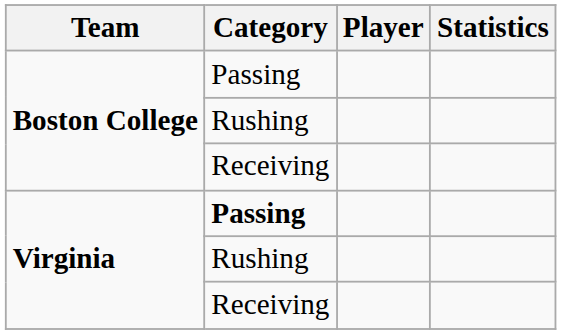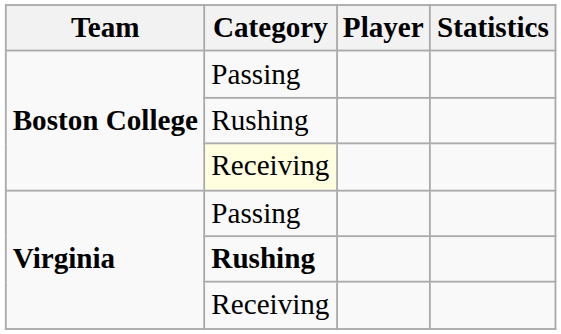 <table class="wikitable" style="float: right;">
 <tr>
 <th>Team</th>
 <th>Category</th>
 <th>Player</th>
 <th>Statistics</th>
 </tr>
 <tr>
 <td rowspan=3><strong>Boston College</strong></td>
 <td>Passing</td>
 <td></td>
 <td></td>
 </tr>
 <tr>
 <td>Rushing</td>
 <td></td>
 <td></td>
 </tr>
 <tr>
-<td>Receiving</td>
+<td style="background: lightyellow;">Receiving</td>
 <td></td>
 <td></td>
 </tr>
 <tr>
 <td rowspan=3><strong>Virginia</strong></td>
-<td><strong>Passing</strong></td>
+<td>Passing</td>
 <td></td>
 <td></td>
 </tr>
 <tr>
-<td>Rushing</td>
+<td><strong>Rushing</strong></td>
 <td></td>
 <td></td>
 </tr>
 <tr>
 <td>Receiving</td>
 <td></td>
 <td></td>
 </tr>
 </table>
